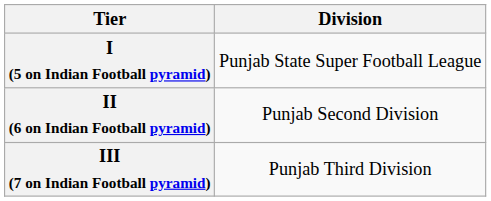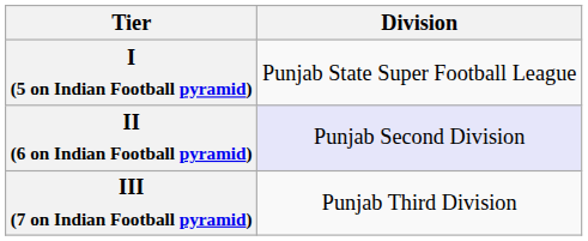 <table class="wikitable" style="text-align:center;">
 <tr>
 <th>Tier</th>
 <th>Division</th>
 </tr>
 <tr>
 <th>I<br><sub>(5 on Indian Football <a href='#'>pyramid</a>)</sub></th>
 <td>Punjab State Super Football League</td>
 </tr>
 <tr>
 <th>II<br><sub>(6 on Indian Football <a href='#'>pyramid</a>)</sub></th>
-<td>Punjab Second Division</td>
+<td style="background: lavender;">Punjab Second Division</td>
 </tr>
 <tr>
 <th>III<br><sub>(7 on Indian Football <a href='#'>pyramid</a>)</sub></th>
 <td>Punjab Third Division</td>
 </tr>
 </table>
